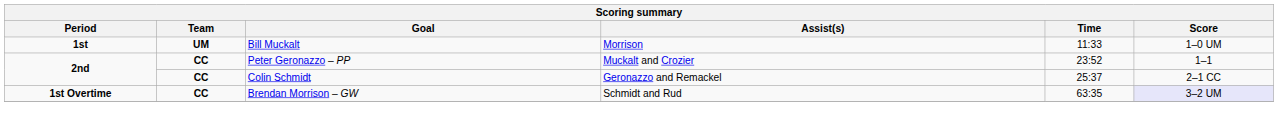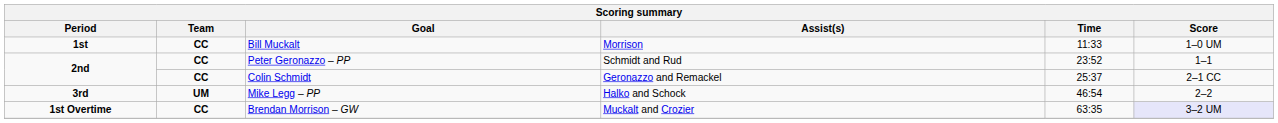 <table style="width:100%;" class="wikitable">
 <tr>
 <th colspan=6>Scoring summary</th>
 </tr>
 <tr>
 <th style="width:12%;">Period</th>
 <th style="width:7%;">Team</th>
 <th style="width:28%;">Goal</th>
 <th style="width:35%;">Assist(s)</th>
 <th style="width:7%;">Time</th>
 <th style="width:11%;">Score</th>
 </tr>
 <tr>
 <td align=center><strong>1st</strong></td>
-<td align=center><strong>UM</strong></td>
+<td align=center><strong>CC</strong></td>
 <td><a href='#'>Bill Muckalt</a></td>
 <td><a href='#'>Morrison</a></td>
 <td align=center>11:33</td>
 <td align=center>1–0 UM</td>
 </tr>
 <tr>
 <td style="text-align:center;" rowspan="2"><strong>2nd</strong></td>
 <td align=center><strong>CC</strong></td>
 <td><a href='#'>Peter Geronazzo</a> – <em>PP</em></td>
-<td><a href='#'>Muckalt</a> and <a href='#'>Crozier</a></td>
+<td>Schmidt and Rud</td>
 <td align=center>23:52</td>
 <td align=center>1–1</td>
 </tr>
 <tr>
 <td align=center><strong>CC</strong></td>
 <td><a href='#'>Colin Schmidt</a></td>
 <td><a href='#'>Geronazzo</a> and Remackel</td>
 <td align=center>25:37</td>
 <td align=center>2–1 CC</td>
 </tr>
 <tr>
+<td align=center><strong>3rd</strong></td>
+<td align=center><strong>UM</strong></td>
+<td><a href='#'>Mike Legg</a> – <em>PP</em></td>
+<td><a href='#'>Halko</a> and Schock</td>
+<td align=center>46:54</td>
+<td align=center>2–2</td>
+</tr>
+<tr>
 <td align=center><strong>1st Overtime</strong></td>
 <td align=center><strong>CC</strong></td>
 <td><a href='#'>Brendan Morrison</a> – <em>GW</em></td>
-<td>Schmidt and Rud</td>
+<td><a href='#'>Muckalt</a> and <a href='#'>Crozier</a></td>
 <td align=center>63:35</td>
 <td align=center style="background: lavender;">3–2 UM</td>
 </tr>
 <tr>
 </tr>
 </table>
